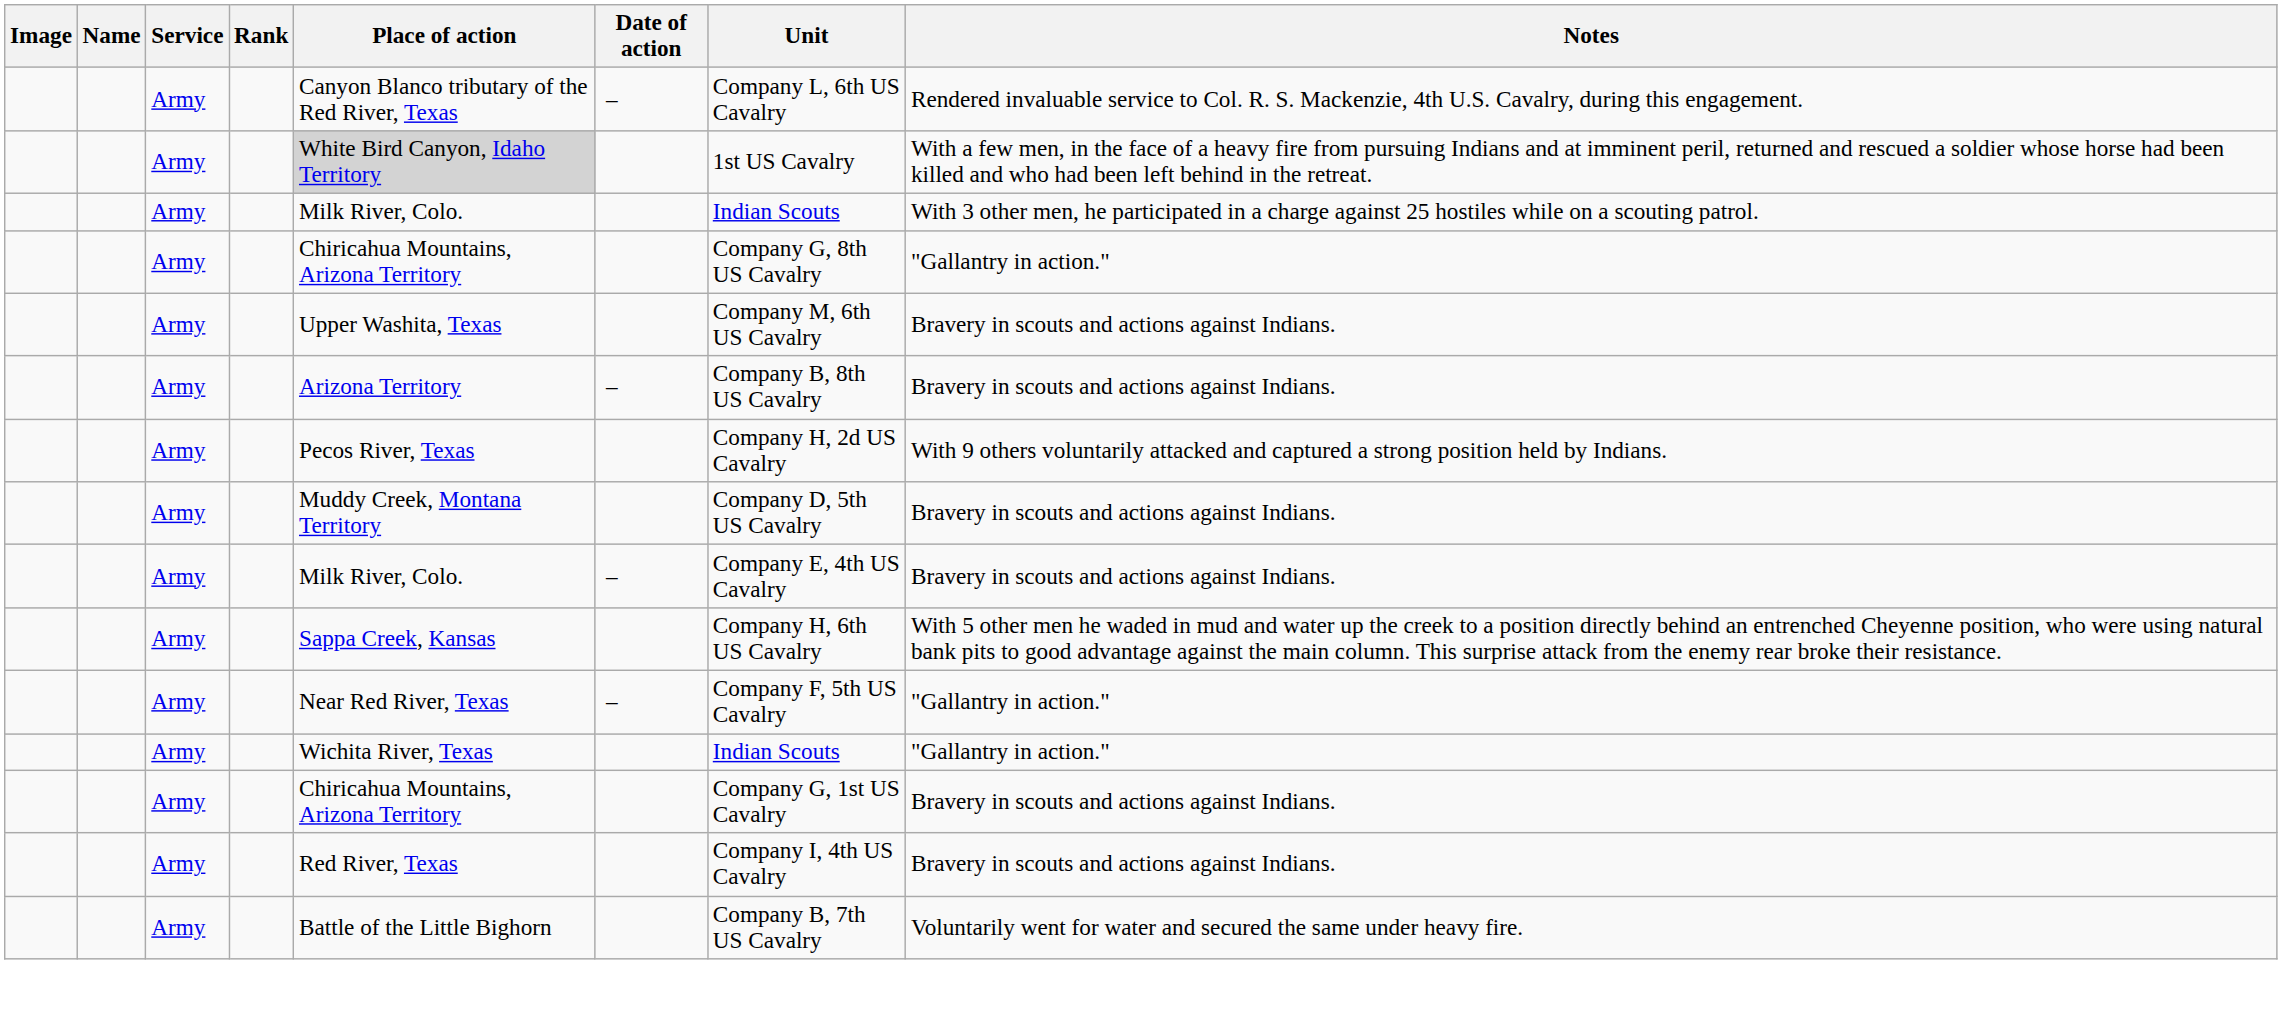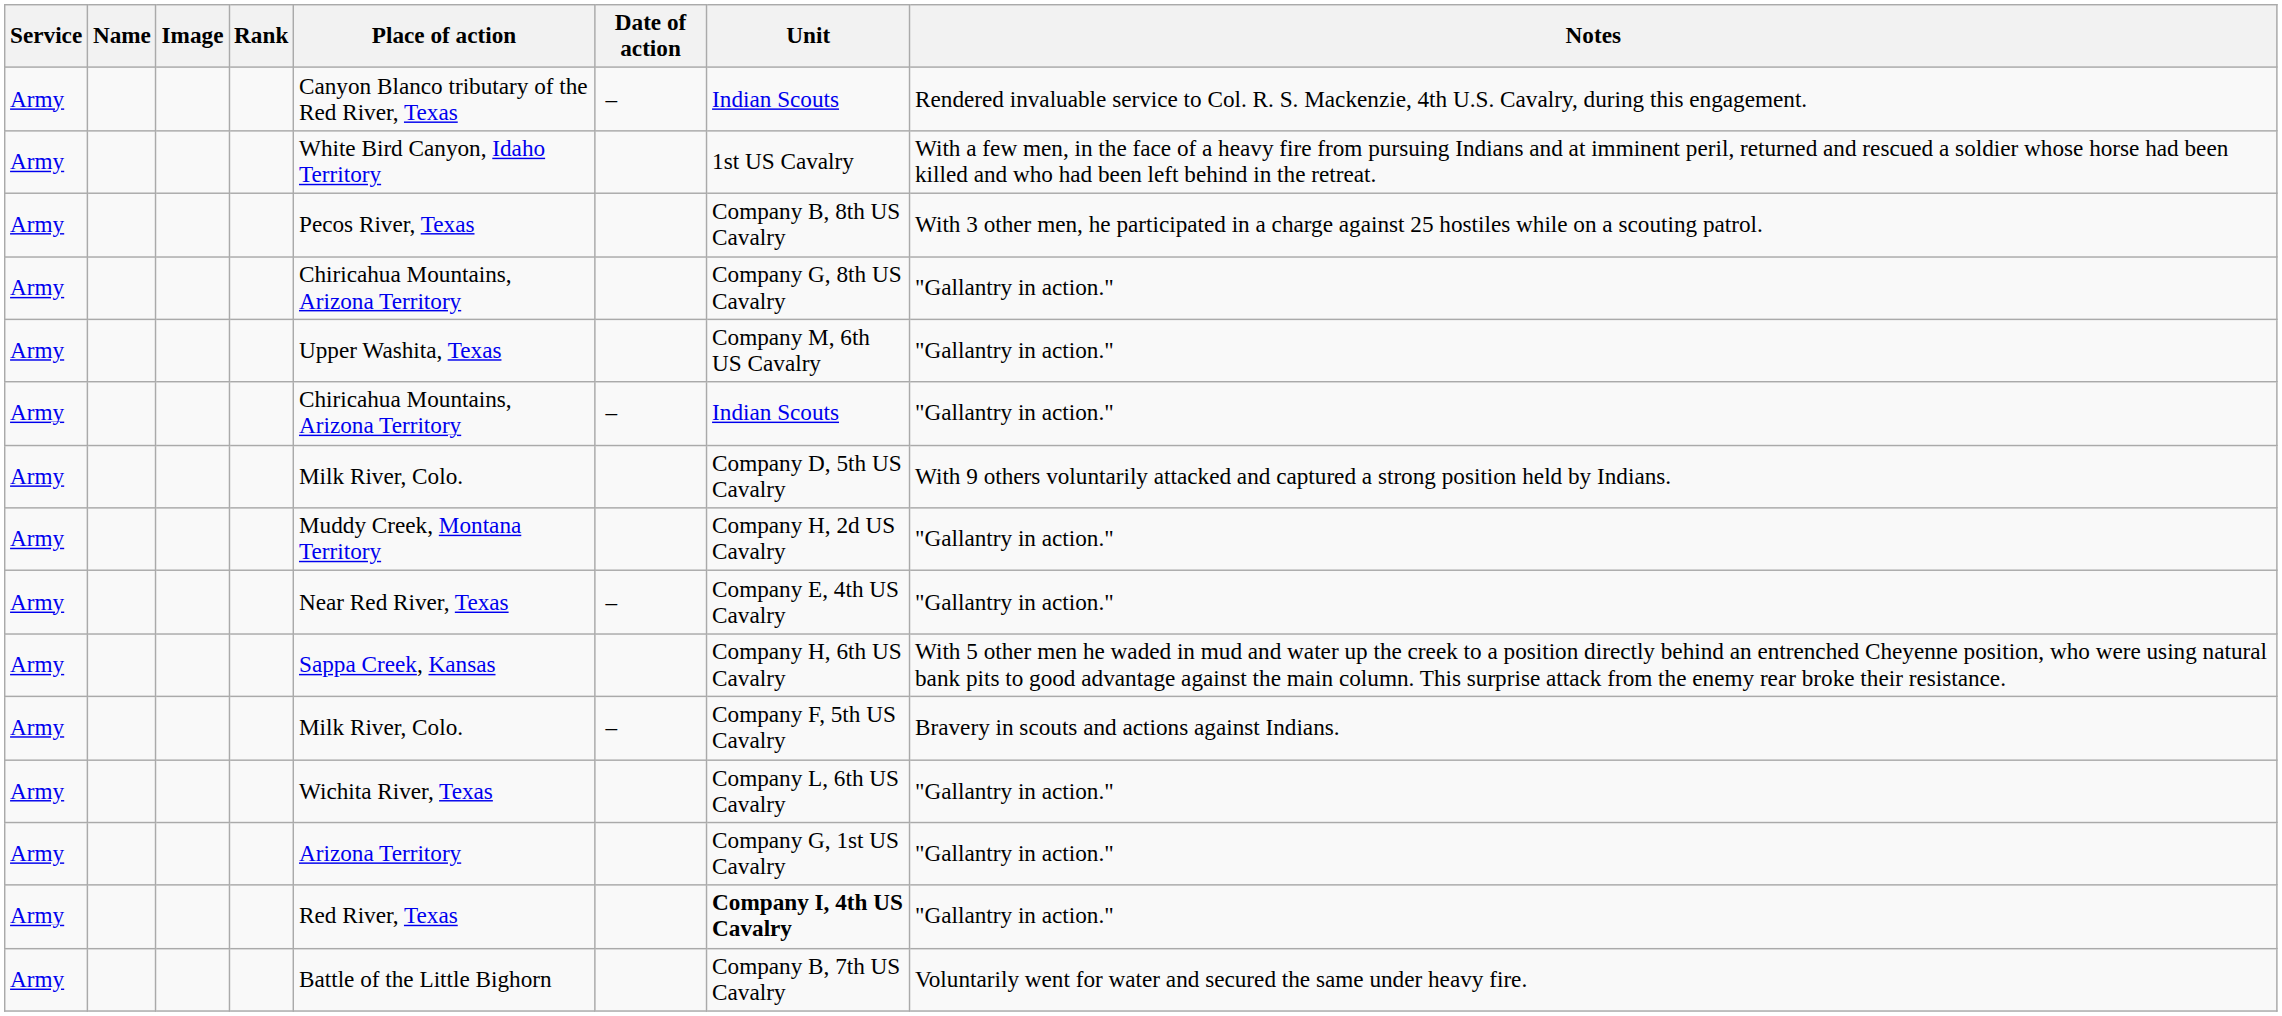 <table class="wikitable sortable">
 <tr>
+<th>Service</th>
+<th>Name</th>
 <th class="unsortable">Image</th>
-<th>Name</th>
-<th>Service</th>
 <th>Rank</th>
 <th>Place of action</th>
 <th>Date of action</th>
 <th>Unit</th>
 <th class="unsortable">Notes</th>
 </tr>
 <tr>
+<td><a href='#'>Army</a></td>
 <td></td>
 <td></td>
-<td><a href='#'>Army</a></td>
 <td></td>
 <td>Canyon Blanco tributary of the Red River, <a href='#'>Texas</a></td>
 <td> – </td>
-<td>Company L, 6th US Cavalry</td>
+<td><a href='#'>Indian Scouts</a></td>
 <td>Rendered invaluable service to Col. R. S. Mackenzie, 4th U.S. Cavalry, during this engagement.</td>
 </tr>
 <tr>
+<td><a href='#'>Army</a></td>
 <td></td>
 <td></td>
-<td><a href='#'>Army</a></td>
 <td></td>
-<td style="background: lightgrey;">White Bird Canyon, <a href='#'>Idaho Territory</a></td>
+<td>White Bird Canyon, <a href='#'>Idaho Territory</a></td>
 <td></td>
 <td>1st US Cavalry</td>
 <td>With a few men, in the face of a heavy fire from pursuing Indians and at imminent peril, returned and rescued a soldier whose horse had been killed and who had been left behind in the retreat.</td>
 </tr>
 <tr>
+<td><a href='#'>Army</a></td>
 <td></td>
 <td></td>
-<td><a href='#'>Army</a></td>
 <td></td>
-<td>Milk River, Colo.</td>
+<td>Pecos River, <a href='#'>Texas</a></td>
 <td></td>
-<td><a href='#'>Indian Scouts</a></td>
+<td>Company B, 8th US Cavalry</td>
 <td>With 3 other men, he participated in a charge against 25 hostiles while on a scouting patrol.</td>
 </tr>
 <tr>
+<td><a href='#'>Army</a></td>
 <td></td>
 <td></td>
-<td><a href='#'>Army</a></td>
 <td></td>
 <td>Chiricahua Mountains, <a href='#'>Arizona Territory</a></td>
 <td></td>
 <td>Company G, 8th US Cavalry</td>
 <td>"Gallantry in action."</td>
 </tr>
 <tr>
+<td><a href='#'>Army</a></td>
 <td></td>
 <td></td>
-<td><a href='#'>Army</a></td>
 <td></td>
 <td>Upper Washita, <a href='#'>Texas</a></td>
 <td></td>
 <td>Company M, 6th US Cavalry</td>
-<td>Bravery in scouts and actions against Indians.</td>
+<td>"Gallantry in action."</td>
 </tr>
 <tr>
+<td><a href='#'>Army</a></td>
 <td></td>
 <td></td>
+<td></td>
+<td>Chiricahua Mountains, <a href='#'>Arizona Territory</a></td>
+<td> – </td>
+<td><a href='#'>Indian Scouts</a></td>
+<td>"Gallantry in action."</td>
+</tr>
+<tr>
 <td><a href='#'>Army</a></td>
 <td></td>
-<td><a href='#'>Arizona Territory</a></td>
-<td> – </td>
-<td>Company B, 8th US Cavalry</td>
-<td>Bravery in scouts and actions against Indians.</td>
-</tr>
-<tr>
 <td></td>
 <td></td>
-<td><a href='#'>Army</a></td>
+<td>Milk River, Colo.</td>
 <td></td>
-<td>Pecos River, <a href='#'>Texas</a></td>
-<td></td>
-<td>Company H, 2d US Cavalry</td>
+<td>Company D, 5th US Cavalry</td>
 <td>With 9 others voluntarily attacked and captured a strong position held by Indians.</td>
 </tr>
 <tr>
+<td><a href='#'>Army</a></td>
 <td></td>
 <td></td>
-<td><a href='#'>Army</a></td>
 <td></td>
 <td>Muddy Creek, <a href='#'>Montana Territory</a></td>
 <td></td>
-<td>Company D, 5th US Cavalry</td>
-<td>Bravery in scouts and actions against Indians.</td>
+<td>Company H, 2d US Cavalry</td>
+<td>"Gallantry in action."</td>
 </tr>
 <tr>
+<td><a href='#'>Army</a></td>
 <td></td>
 <td></td>
+<td></td>
+<td>Near Red River, <a href='#'>Texas</a></td>
+<td> – </td>
+<td>Company E, 4th US Cavalry</td>
+<td>"Gallantry in action."</td>
+</tr>
+<tr>
 <td><a href='#'>Army</a></td>
 <td></td>
-<td>Milk River, Colo.</td>
-<td> – </td>
-<td>Company E, 4th US Cavalry</td>
-<td>Bravery in scouts and actions against Indians.</td>
-</tr>
-<tr>
 <td></td>
-<td></td>
-<td><a href='#'>Army</a></td>
 <td></td>
 <td><a href='#'>Sappa Creek</a>, <a href='#'>Kansas</a></td>
 <td></td>
 <td>Company H, 6th US Cavalry</td>
 <td>With 5 other men he waded in mud and water up the creek to a position directly behind an entrenched Cheyenne position, who were using natural bank pits to good advantage against the main column. This surprise attack from the enemy rear broke their resistance.</td>
 </tr>
 <tr>
+<td><a href='#'>Army</a></td>
 <td></td>
 <td></td>
+<td></td>
+<td>Milk River, Colo.</td>
+<td> – </td>
+<td>Company F, 5th US Cavalry</td>
+<td>Bravery in scouts and actions against Indians.</td>
+</tr>
+<tr>
 <td><a href='#'>Army</a></td>
 <td></td>
-<td>Near Red River, <a href='#'>Texas</a></td>
-<td> – </td>
-<td>Company F, 5th US Cavalry</td>
+<td></td>
+<td></td>
+<td>Wichita River, <a href='#'>Texas</a></td>
+<td></td>
+<td>Company L, 6th US Cavalry</td>
 <td>"Gallantry in action."</td>
 </tr>
 <tr>
+<td><a href='#'>Army</a></td>
 <td></td>
 <td></td>
-<td><a href='#'>Army</a></td>
 <td></td>
-<td>Wichita River, <a href='#'>Texas</a></td>
+<td><a href='#'>Arizona Territory</a></td>
 <td></td>
-<td><a href='#'>Indian Scouts</a></td>
+<td>Company G, 1st US Cavalry</td>
 <td>"Gallantry in action."</td>
 </tr>
 <tr>
+<td><a href='#'>Army</a></td>
 <td></td>
 <td></td>
-<td><a href='#'>Army</a></td>
-<td></td>
-<td>Chiricahua Mountains, <a href='#'>Arizona Territory</a></td>
-<td></td>
-<td>Company G, 1st US Cavalry</td>
-<td>Bravery in scouts and actions against Indians.</td>
-</tr>
-<tr>
-<td></td>
-<td></td>
-<td><a href='#'>Army</a></td>
 <td></td>
 <td>Red River, <a href='#'>Texas</a></td>
 <td></td>
-<td>Company I, 4th US Cavalry</td>
-<td>Bravery in scouts and actions against Indians.</td>
+<td><strong>Company I, 4th US Cavalry</strong></td>
+<td>"Gallantry in action."</td>
 </tr>
 <tr>
+<td><a href='#'>Army</a></td>
 <td></td>
 <td></td>
-<td><a href='#'>Army</a></td>
 <td></td>
 <td>Battle of the Little Bighorn</td>
 <td></td>
 <td>Company B, 7th US Cavalry</td>
 <td>Voluntarily went for water and secured the same under heavy fire.</td>
 </tr>
 </table>
